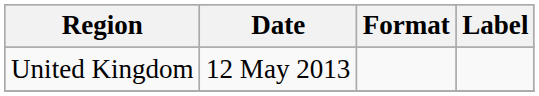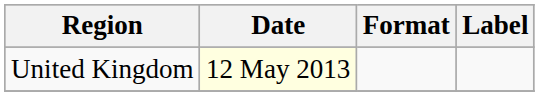 <table class=wikitable>
 <tr>
 <th>Region</th>
 <th>Date</th>
 <th>Format</th>
 <th>Label</th>
 </tr>
 <tr>
 <td>United Kingdom</td>
-<td>12 May 2013</td>
+<td style="background: lightyellow;">12 May 2013</td>
 <td></td>
 <td></td>
 </tr>
 <tr>
 </tr>
 </table>
